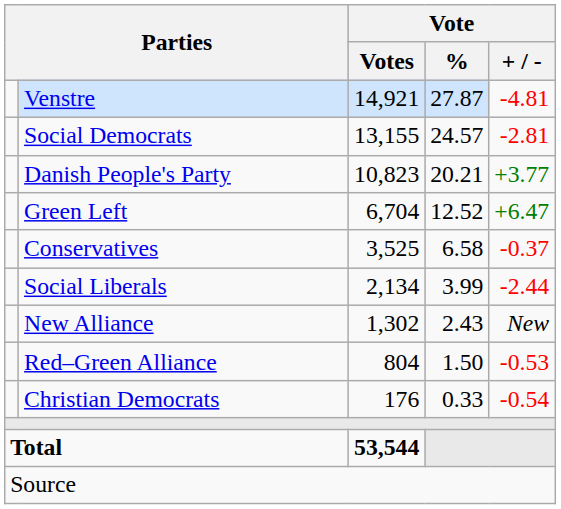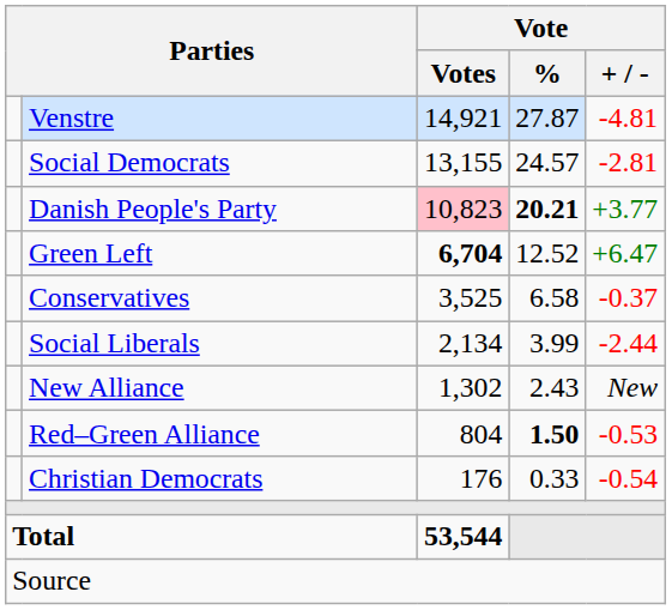 <table class="wikitable" style="text-align:right;">
 <tr>
 <th style="text-align:centre;" rowspan="2" colspan="2" width="225">Parties</th>
 <th colspan="3">Vote</th>
 </tr>
 <tr>
 <th width="15">Votes</th>
 <th width="15">%</th>
 <th width="15">+ / -</th>
 </tr>
 <tr>
 <td width="2" style="color:inherit;background:"></td>
 <td bgcolor=#cfe5fe  align="left"><a href='#'>Venstre</a></td>
 <td bgcolor=#cfe5fe>14,921</td>
 <td bgcolor=#cfe5fe>27.87</td>
 <td style=color:red;>-4.81</td>
 </tr>
 <tr>
 <td width="2" style="color:inherit;background:"></td>
 <td align="left"><a href='#'>Social Democrats</a></td>
 <td>13,155</td>
 <td>24.57</td>
 <td style=color:red;>-2.81</td>
 </tr>
 <tr>
 <td width="2" style="color:inherit;background:"></td>
 <td align="left"><a href='#'>Danish People's Party</a></td>
-<td>10,823</td>
-<td>20.21</td>
+<td style="background: pink;">10,823</td>
+<td><strong>20.21</strong></td>
 <td style=color:green;>+3.77</td>
 </tr>
 <tr>
 <td width="2" style="color:inherit;background:"></td>
 <td align="left"><a href='#'>Green Left</a></td>
-<td>6,704</td>
+<td><strong>6,704</strong></td>
 <td>12.52</td>
 <td style=color:green;>+6.47</td>
 </tr>
 <tr>
 <td width="2" style="color:inherit;background:"></td>
 <td align="left"><a href='#'>Conservatives</a></td>
 <td>3,525</td>
 <td>6.58</td>
 <td style=color:red;>-0.37</td>
 </tr>
 <tr>
 <td width="2" style="color:inherit;background:"></td>
 <td align="left"><a href='#'>Social Liberals</a></td>
 <td>2,134</td>
 <td>3.99</td>
 <td style=color:red;>-2.44</td>
 </tr>
 <tr>
 <td width="2" style="color:inherit;background:"></td>
 <td align="left"><a href='#'>New Alliance</a></td>
 <td>1,302</td>
 <td>2.43</td>
 <td><em>New</em></td>
 </tr>
 <tr>
 <td width="2" style="color:inherit;background:"></td>
 <td align="left"><a href='#'>Red–Green Alliance</a></td>
 <td>804</td>
-<td>1.50</td>
+<td><strong>1.50</strong></td>
 <td style=color:red;>-0.53</td>
 </tr>
 <tr>
 <td width="2" style="color:inherit;background:"></td>
 <td align="left"><a href='#'>Christian Democrats</a></td>
 <td>176</td>
 <td>0.33</td>
 <td style=color:red;>-0.54</td>
 </tr>
 <tr>
 <td colspan="7" bgcolor="#E9E9E9"></td>
 </tr>
 <tr>
 <td align="left" colspan="2"><strong>Total</strong></td>
 <td><strong>53,544</strong></td>
 <td bgcolor="#E9E9E9" colspan="2"></td>
 </tr>
 <tr>
 <td align="left" colspan="6">Source</td>
 </tr>
 </table>
